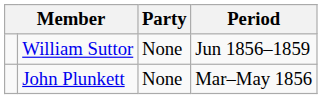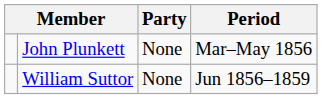 <table class="wikitable">
 <tr>
 <th colspan="2">Member</th>
 <th>Party</th>
 <th>Period</th>
 </tr>
 <tr>
 <td> </td>
+<td><a href='#'>John Plunkett</a></td>
+<td>None</td>
+<td>Mar–May 1856</td>
+</tr>
+<tr>
+<td> </td>
 <td><a href='#'>William Suttor</a></td>
 <td>None</td>
 <td>Jun 1856–1859</td>
 </tr>
-<tr>
-<td> </td>
-<td><a href='#'>John Plunkett</a></td>
-<td>None</td>
-<td>Mar–May 1856</td>
-</tr>
 </table>
